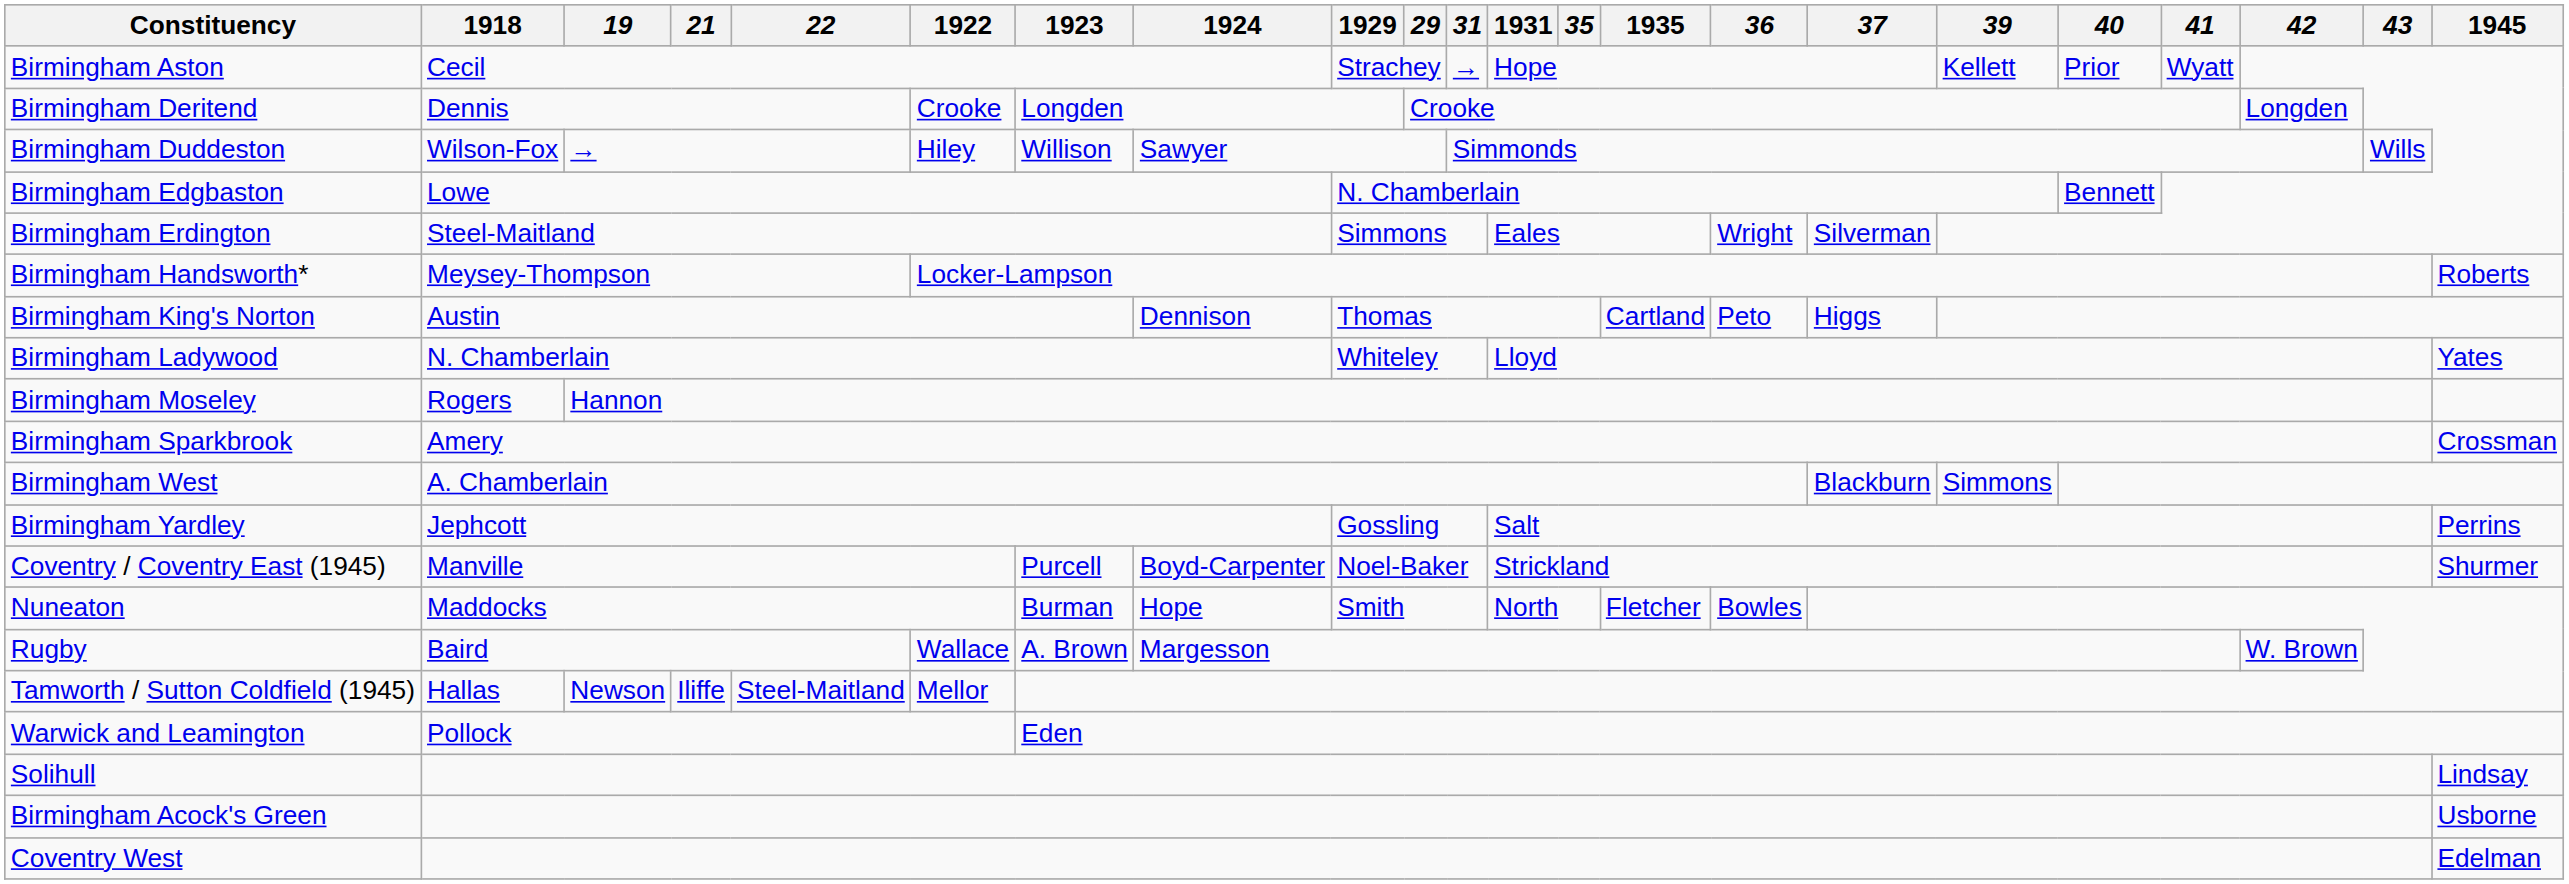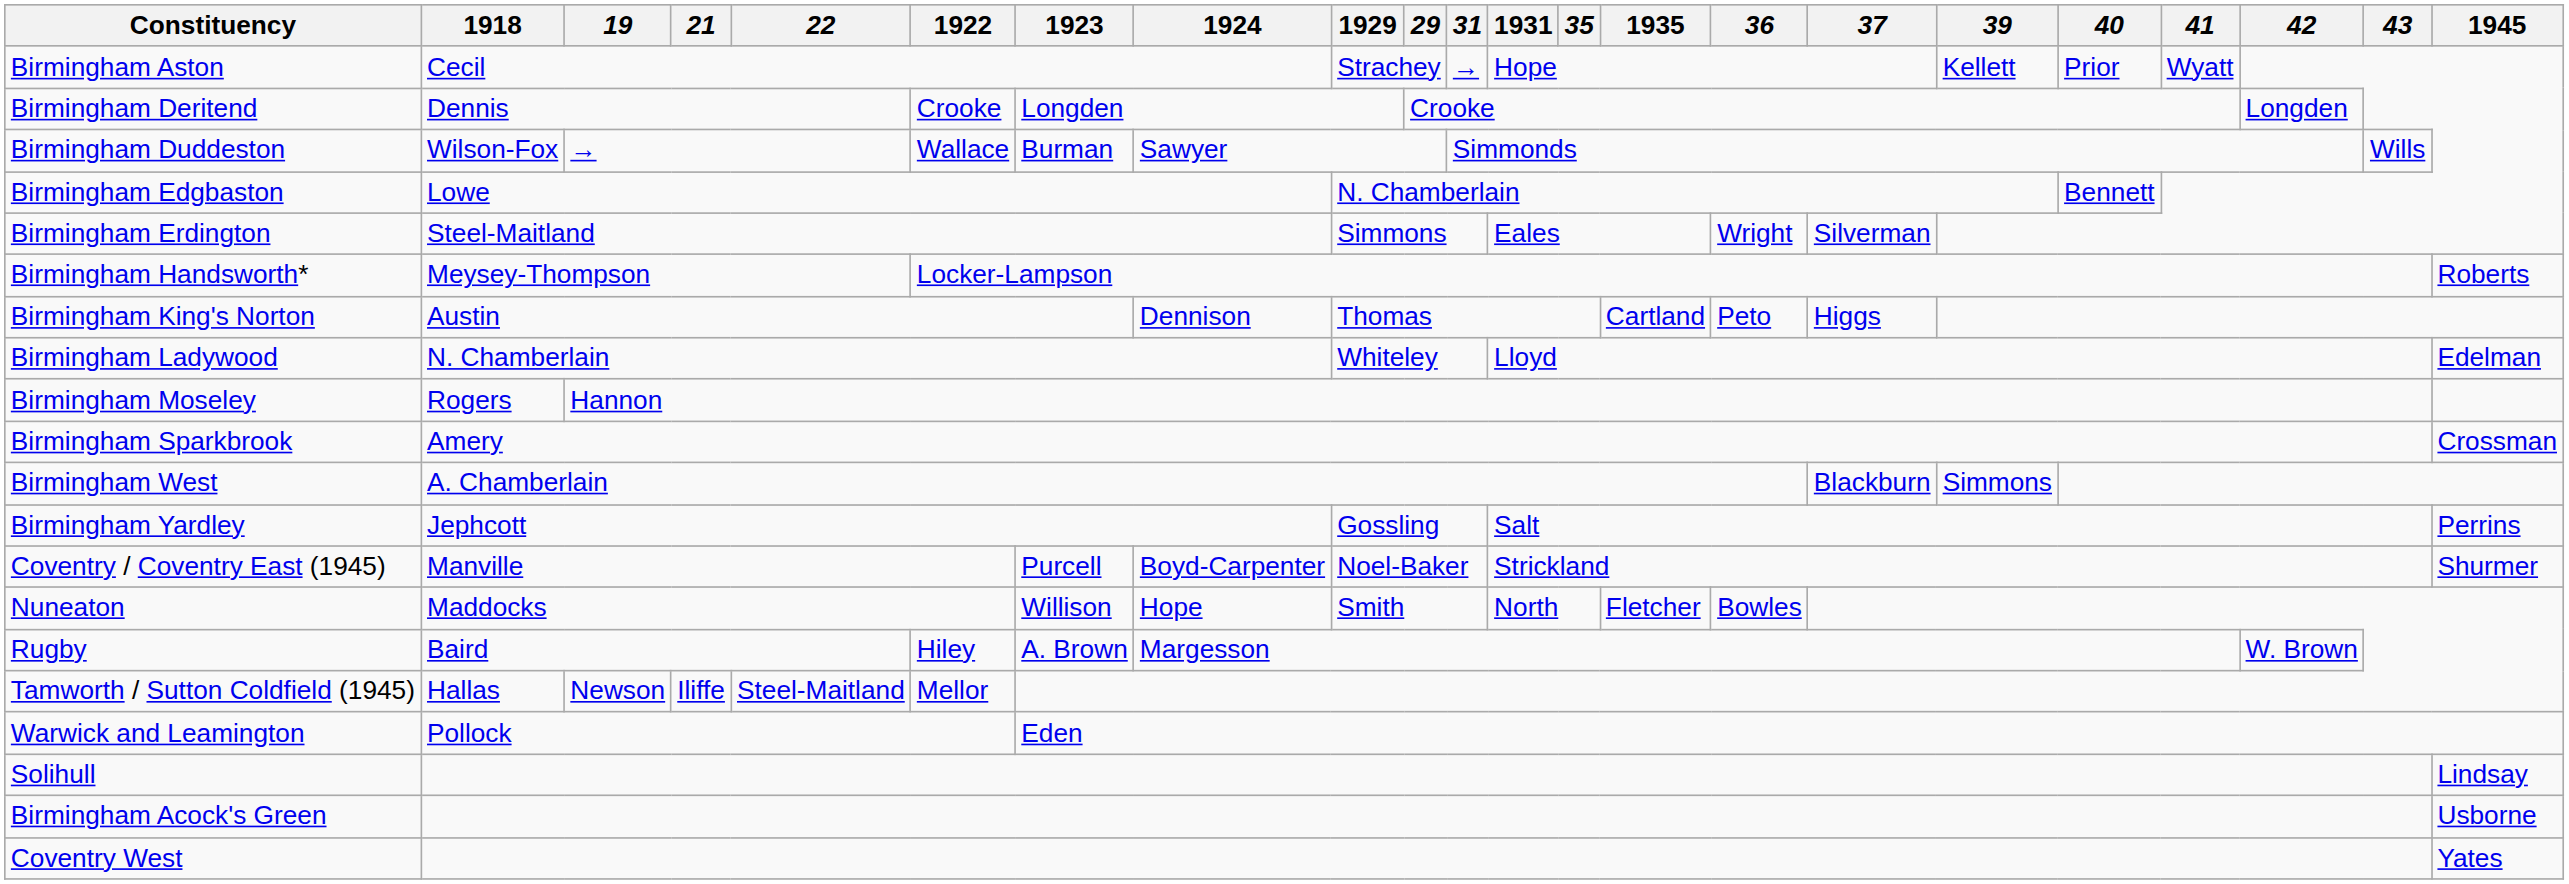 <table class="wikitable">
 <tr>
 <th>Constituency</th>
 <th>1918</th>
 <th><em>19</em></th>
 <th><em>21</em></th>
 <th><em>22</em></th>
 <th>1922</th>
 <th>1923</th>
 <th>1924</th>
 <th>1929</th>
 <th><em>29</em></th>
 <th><em>31</em></th>
 <th>1931</th>
 <th><em>35</em></th>
 <th>1935</th>
 <th><em>36</em></th>
 <th><em>37</em></th>
 <th><em>39</em></th>
 <th><em>40</em></th>
 <th><em>41</em></th>
 <th><em>42</em></th>
 <th><em>43</em></th>
 <th>1945</th>
 </tr>
 <tr>
 <td><a href='#'>Birmingham Aston</a></td>
 <td colspan="7"><a href='#'>Cecil</a></td>
 <td colspan="2"><a href='#'>Strachey</a></td>
 <td><a href='#'>→</a></td>
 <td colspan="5"><a href='#'>Hope</a></td>
 <td><a href='#'>Kellett</a></td>
 <td><a href='#'>Prior</a></td>
 <td><a href='#'>Wyatt</a></td>
 </tr>
 <tr>
 <td><a href='#'>Birmingham Deritend</a></td>
 <td colspan="4"><a href='#'>Dennis</a></td>
 <td><a href='#'>Crooke</a></td>
 <td colspan="3"><a href='#'>Longden</a></td>
 <td colspan="10"><a href='#'>Crooke</a></td>
 <td><a href='#'>Longden</a></td>
 </tr>
 <tr>
 <td><a href='#'>Birmingham Duddeston</a></td>
 <td><a href='#'>Wilson-Fox</a></td>
 <td colspan="3"><a href='#'>→</a></td>
-<td><a href='#'>Hiley</a></td>
-<td><a href='#'>Willison</a></td>
+<td><a href='#'>Wallace</a></td>
+<td><a href='#'>Burman</a></td>
 <td colspan="3"><a href='#'>Sawyer</a></td>
 <td colspan="10"><a href='#'>Simmonds</a></td>
 <td><a href='#'>Wills</a></td>
 </tr>
 <tr>
 <td><a href='#'>Birmingham Edgbaston</a></td>
 <td colspan="7"><a href='#'>Lowe</a></td>
 <td colspan="9"><a href='#'>N. Chamberlain</a></td>
 <td><a href='#'>Bennett</a></td>
 </tr>
 <tr>
 <td><a href='#'>Birmingham Erdington</a></td>
 <td colspan="7"><a href='#'>Steel-Maitland</a></td>
 <td colspan="3"><a href='#'>Simmons</a></td>
 <td colspan="3"><a href='#'>Eales</a></td>
 <td><a href='#'>Wright</a></td>
 <td><a href='#'>Silverman</a></td>
 </tr>
 <tr>
 <td><a href='#'>Birmingham Handsworth</a>*</td>
 <td colspan="4"><a href='#'>Meysey-Thompson</a></td>
 <td colspan="16"><a href='#'>Locker-Lampson</a></td>
 <td><a href='#'>Roberts</a></td>
 </tr>
 <tr>
 <td><a href='#'>Birmingham King's Norton</a></td>
 <td colspan="6"><a href='#'>Austin</a></td>
 <td><a href='#'>Dennison</a></td>
 <td colspan="5"><a href='#'>Thomas</a></td>
 <td><a href='#'>Cartland</a></td>
 <td><a href='#'>Peto</a></td>
 <td><a href='#'>Higgs</a></td>
 </tr>
 <tr>
 <td><a href='#'>Birmingham Ladywood</a></td>
 <td colspan="7"><a href='#'>N. Chamberlain</a></td>
 <td colspan="3"><a href='#'>Whiteley</a></td>
 <td colspan="10"><a href='#'>Lloyd</a></td>
-<td><a href='#'>Yates</a></td>
+<td><a href='#'>Edelman</a></td>
 </tr>
 <tr>
 <td><a href='#'>Birmingham Moseley</a></td>
 <td><a href='#'>Rogers</a></td>
 <td colspan="19"><a href='#'>Hannon</a></td>
 </tr>
 <tr>
 <td><a href='#'>Birmingham Sparkbrook</a></td>
 <td colspan="20"><a href='#'>Amery</a></td>
 <td><a href='#'>Crossman</a></td>
 </tr>
 <tr>
 <td><a href='#'>Birmingham West</a></td>
 <td colspan="14"><a href='#'>A. Chamberlain</a></td>
 <td><a href='#'>Blackburn</a></td>
 <td><a href='#'>Simmons</a></td>
 </tr>
 <tr>
 <td><a href='#'>Birmingham Yardley</a></td>
 <td colspan="7"><a href='#'>Jephcott</a></td>
 <td colspan="3"><a href='#'>Gossling</a></td>
 <td colspan="10"><a href='#'>Salt</a></td>
 <td><a href='#'>Perrins</a></td>
 </tr>
 <tr>
 <td><a href='#'>Coventry</a> / <a href='#'>Coventry East</a> (1945)</td>
 <td colspan="5"><a href='#'>Manville</a></td>
 <td><a href='#'>Purcell</a></td>
 <td><a href='#'>Boyd-Carpenter</a></td>
 <td colspan="3"><a href='#'>Noel-Baker</a></td>
 <td colspan="10"><a href='#'>Strickland</a></td>
 <td><a href='#'>Shurmer</a></td>
 </tr>
 <tr>
 <td><a href='#'>Nuneaton</a></td>
 <td colspan="5"><a href='#'>Maddocks</a></td>
-<td><a href='#'>Burman</a></td>
+<td><a href='#'>Willison</a></td>
 <td><a href='#'>Hope</a></td>
 <td colspan="3"><a href='#'>Smith</a></td>
 <td colspan="2"><a href='#'>North</a></td>
 <td><a href='#'>Fletcher</a></td>
 <td><a href='#'>Bowles</a></td>
 </tr>
 <tr>
 <td><a href='#'>Rugby</a></td>
 <td colspan="4"><a href='#'>Baird</a></td>
-<td><a href='#'>Wallace</a></td>
+<td><a href='#'>Hiley</a></td>
 <td><a href='#'>A. Brown</a></td>
 <td colspan="12"><a href='#'>Margesson</a></td>
 <td><a href='#'>W. Brown</a></td>
 </tr>
 <tr>
 <td><a href='#'>Tamworth</a> / <a href='#'>Sutton Coldfield</a> (1945)</td>
 <td><a href='#'>Hallas</a></td>
 <td><a href='#'>Newson</a></td>
 <td><a href='#'>Iliffe</a></td>
 <td><a href='#'>Steel-Maitland</a></td>
 <td><a href='#'>Mellor</a></td>
 </tr>
 <tr>
 <td><a href='#'>Warwick and Leamington</a></td>
 <td colspan="5"><a href='#'>Pollock</a></td>
 <td colspan="16"><a href='#'>Eden</a></td>
 </tr>
 <tr>
 <td><a href='#'>Solihull</a></td>
 <td colspan="20"></td>
 <td><a href='#'>Lindsay</a></td>
 </tr>
 <tr>
 <td><a href='#'>Birmingham Acock's Green</a></td>
 <td colspan="20"></td>
 <td><a href='#'>Usborne</a></td>
 </tr>
 <tr>
 <td><a href='#'>Coventry West</a></td>
 <td colspan="20"></td>
-<td><a href='#'>Edelman</a></td>
+<td><a href='#'>Yates</a></td>
 </tr>
 </table>
